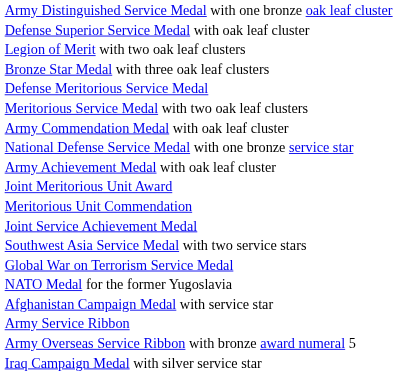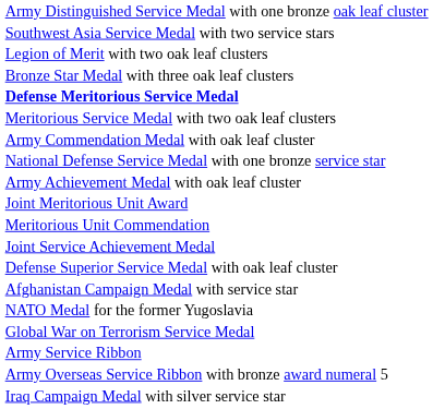 <table>
 <tr>
 <td> <a href='#'>Army Distinguished Service Medal</a> with one bronze <a href='#'>oak leaf cluster</a></td>
 </tr>
 <tr>
-<td> <a href='#'>Defense Superior Service Medal</a> with oak leaf cluster</td>
+<td><span></span><span></span> <a href='#'>Southwest Asia Service Medal</a> with two service stars</td>
 </tr>
 <tr>
 <td><span></span><span></span> <a href='#'>Legion of Merit</a> with two oak leaf clusters</td>
 </tr>
 <tr>
 <td><span></span><span></span><span></span> <a href='#'>Bronze Star Medal</a> with three oak leaf clusters</td>
 </tr>
 <tr>
-<td> <a href='#'>Defense Meritorious Service Medal</a></td>
+<td><strong> <a href='#'>Defense Meritorious Service Medal</a></strong></td>
 </tr>
 <tr>
 <td><span></span><span></span> <a href='#'>Meritorious Service Medal</a> with two oak leaf clusters</td>
 </tr>
 <tr>
 <td> <a href='#'>Army Commendation Medal</a> with oak leaf cluster</td>
 </tr>
 <tr>
 <td> <a href='#'>National Defense Service Medal</a> with one bronze <a href='#'>service star</a></td>
 </tr>
 <tr>
 <td> <a href='#'>Army Achievement Medal</a> with oak leaf cluster</td>
 </tr>
 <tr>
 <td> <a href='#'>Joint Meritorious Unit Award</a></td>
 </tr>
 <tr>
 <td> <a href='#'>Meritorious Unit Commendation</a></td>
 </tr>
 <tr>
 <td> <a href='#'>Joint Service Achievement Medal</a></td>
 </tr>
 <tr>
-<td><span></span><span></span> <a href='#'>Southwest Asia Service Medal</a> with two service stars</td>
+<td> <a href='#'>Defense Superior Service Medal</a> with oak leaf cluster</td>
 </tr>
 <tr>
-<td> <a href='#'>Global War on Terrorism Service Medal</a></td>
+<td> <a href='#'>Afghanistan Campaign Medal</a> with service star</td>
 </tr>
 <tr>
 <td> <a href='#'>NATO Medal</a> for the former Yugoslavia</td>
 </tr>
 <tr>
-<td> <a href='#'>Afghanistan Campaign Medal</a> with service star</td>
+<td> <a href='#'>Global War on Terrorism Service Medal</a></td>
 </tr>
 <tr>
 <td> <a href='#'>Army Service Ribbon</a></td>
 </tr>
 <tr>
 <td><span></span> <a href='#'>Army Overseas Service Ribbon</a> with bronze <a href='#'>award numeral</a> 5</td>
 </tr>
 <tr>
 <td> <a href='#'>Iraq Campaign Medal</a> with silver service star</td>
 </tr>
 </table>
